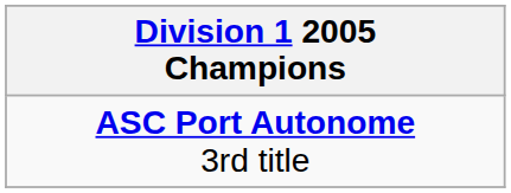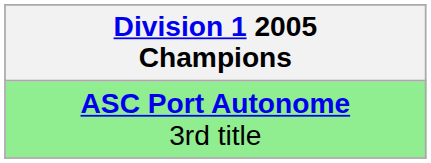 <table class="wikitable" style="margin: 0 auto; width: 240px;">
 <tr>
 <th><a href='#'>Division 1</a> 2005<br>Champions</th>
 </tr>
 <tr>
-<td align=center><strong><a href='#'>ASC Port Autonome</a></strong><br>3rd title</td>
+<td align=center style="background: lightgreen;"><strong><a href='#'>ASC Port Autonome</a></strong><br>3rd title</td>
 </tr>
 </table>
